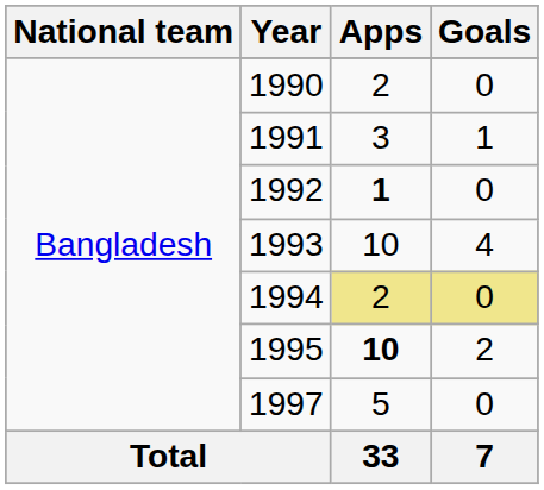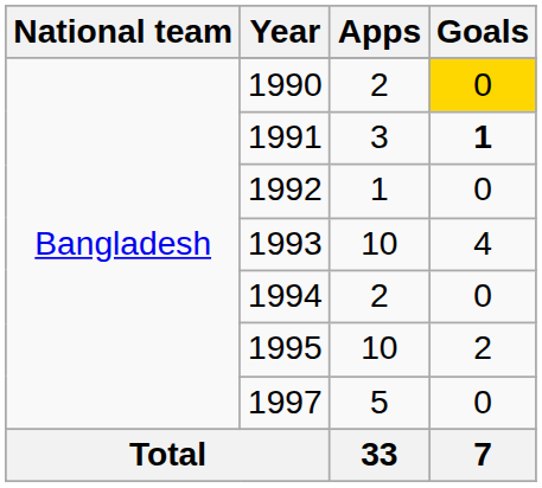 <table class="wikitable" style="text-align:center">
 <tr>
 <th>National team</th>
 <th>Year</th>
 <th>Apps</th>
 <th>Goals</th>
 </tr>
 <tr>
 <td rowspan="8"><a href='#'>Bangladesh</a></td>
 </tr>
 <tr>
 <td>1990</td>
 <td>2</td>
-<td>0</td>
+<td style="background: gold;">0</td>
 </tr>
 <tr>
 <td>1991</td>
 <td>3</td>
-<td>1</td>
+<td><strong>1</strong></td>
 </tr>
 <tr>
 <td>1992</td>
-<td><strong>1</strong></td>
+<td>1</td>
 <td>0</td>
 </tr>
 <tr>
 <td>1993</td>
 <td>10</td>
 <td>4</td>
 </tr>
 <tr>
 <td>1994</td>
-<td style="background: khaki;">2</td>
-<td style="background: khaki;">0</td>
+<td>2</td>
+<td>0</td>
 </tr>
 <tr>
 <td>1995</td>
-<td><strong>10</strong></td>
+<td>10</td>
 <td>2</td>
 </tr>
 <tr>
 <td>1997</td>
 <td>5</td>
 <td>0</td>
 </tr>
 <tr>
 <th colspan="2">Total</th>
 <th>33</th>
 <th>7</th>
 </tr>
 </table>
